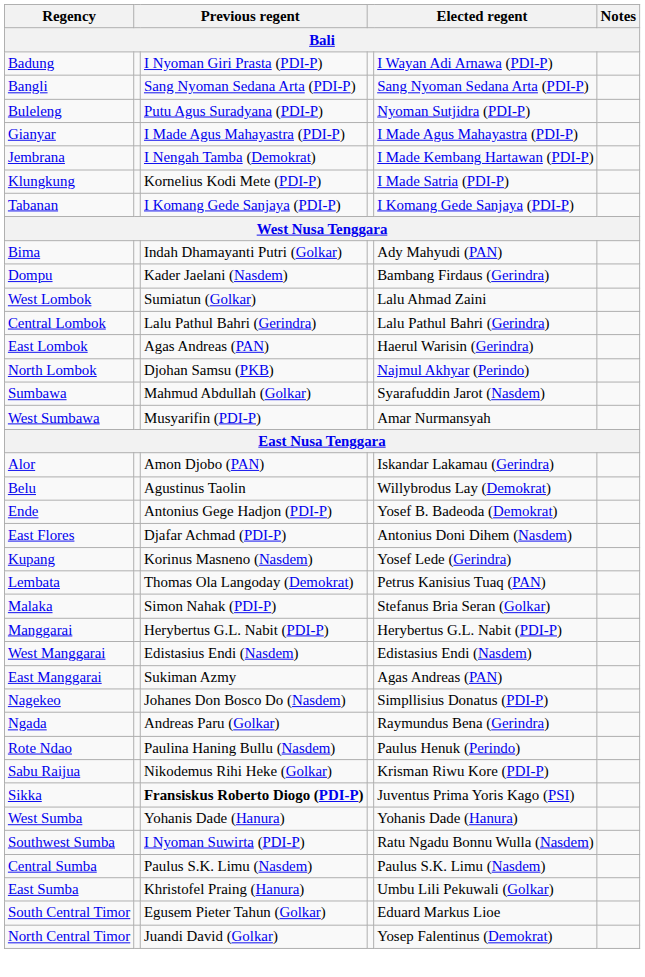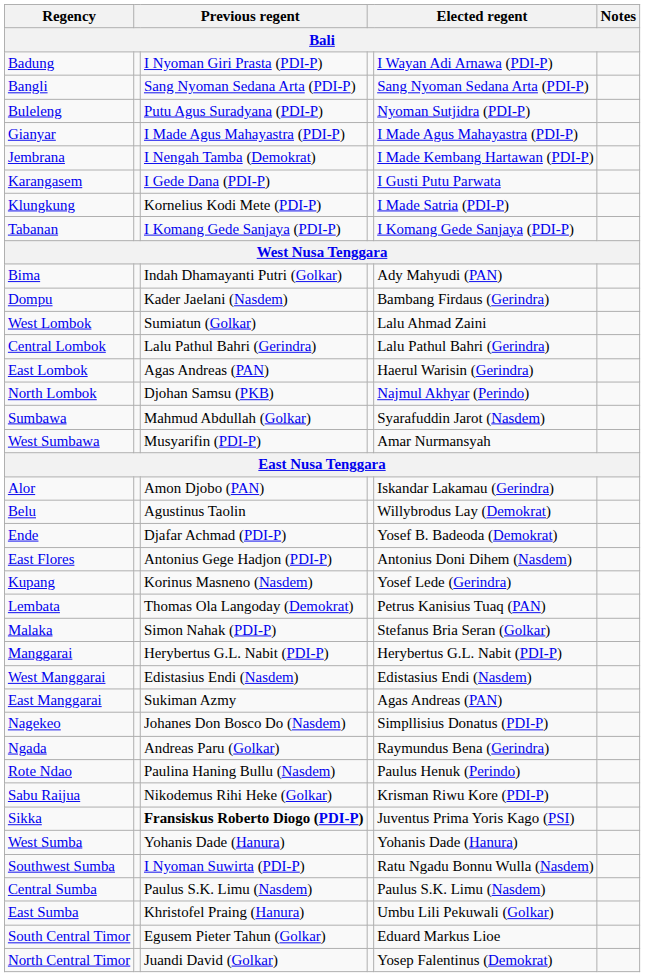 <table class="wikitable">
 <tr>
 <th>Regency</th>
 <th colspan=2>Previous regent</th>
 <th colspan=2>Elected regent</th>
 <th>Notes</th>
 </tr>
 <tr>
 <th colspan=6><a href='#'>Bali</a></th>
 </tr>
 <tr>
 <td><a href='#'>Badung</a></td>
 <td style="background:"></td>
 <td><a href='#'>I Nyoman Giri Prasta</a> (<a href='#'>PDI-P</a>)</td>
 <td style="background:"></td>
 <td><a href='#'>I Wayan Adi Arnawa</a> (<a href='#'>PDI-P</a>)</td>
 <td></td>
 </tr>
 <tr>
 <td><a href='#'>Bangli</a></td>
 <td style="background:"></td>
 <td><a href='#'>Sang Nyoman Sedana Arta</a> (<a href='#'>PDI-P</a>)</td>
 <td style="background:"></td>
 <td><a href='#'>Sang Nyoman Sedana Arta</a> (<a href='#'>PDI-P</a>)</td>
 <td></td>
 </tr>
 <tr>
 <td><a href='#'>Buleleng</a></td>
 <td style="background:"></td>
 <td><a href='#'>Putu Agus Suradyana</a> (<a href='#'>PDI-P</a>)</td>
 <td style="background:"></td>
 <td><a href='#'>Nyoman Sutjidra</a> (<a href='#'>PDI-P</a>)</td>
 <td></td>
 </tr>
 <tr>
 <td><a href='#'>Gianyar</a></td>
 <td style="background:"></td>
 <td><a href='#'>I Made Agus Mahayastra</a> (<a href='#'>PDI-P</a>)</td>
 <td style="background:"></td>
 <td><a href='#'>I Made Agus Mahayastra</a> (<a href='#'>PDI-P</a>)</td>
 <td></td>
 </tr>
 <tr>
 <td><a href='#'>Jembrana</a></td>
 <td style="background:"></td>
 <td><a href='#'>I Nengah Tamba</a> (<a href='#'>Demokrat</a>)</td>
 <td style="background:"></td>
 <td><a href='#'>I Made Kembang Hartawan</a> (<a href='#'>PDI-P</a>)</td>
+<td></td>
+</tr>
+<tr>
+<td><a href='#'>Karangasem</a></td>
+<td style="background:"></td>
+<td><a href='#'>I Gede Dana</a> (<a href='#'>PDI-P</a>)</td>
+<td style="background:"></td>
+<td><a href='#'>I Gusti Putu Parwata</a></td>
 <td></td>
 </tr>
 <tr>
 <td><a href='#'>Klungkung</a></td>
 <td style="background:"></td>
 <td>Kornelius Kodi Mete (<a href='#'>PDI-P</a>)</td>
 <td style="background:"></td>
 <td><a href='#'>I Made Satria</a> (<a href='#'>PDI-P</a>)</td>
 <td></td>
 </tr>
 <tr>
 <td><a href='#'>Tabanan</a></td>
 <td style="background:"></td>
 <td><a href='#'>I Komang Gede Sanjaya</a> (<a href='#'>PDI-P</a>)</td>
 <td style="background:"></td>
 <td><a href='#'>I Komang Gede Sanjaya</a> (<a href='#'>PDI-P</a>)</td>
 <td></td>
 </tr>
 <tr>
 <th colspan=6><a href='#'>West Nusa Tenggara</a></th>
 </tr>
 <tr>
 <td><a href='#'>Bima</a></td>
 <td style="background:"></td>
 <td>Indah Dhamayanti Putri (<a href='#'>Golkar</a>)</td>
 <td style="background:"></td>
 <td>Ady Mahyudi (<a href='#'>PAN</a>)</td>
 <td></td>
 </tr>
 <tr>
 <td><a href='#'>Dompu</a></td>
 <td style="background:"></td>
 <td>Kader Jaelani (<a href='#'>Nasdem</a>)</td>
 <td style="background:"></td>
 <td>Bambang Firdaus (<a href='#'>Gerindra</a>)</td>
 <td></td>
 </tr>
 <tr>
 <td><a href='#'>West Lombok</a></td>
 <td style="background:"></td>
 <td>Sumiatun (<a href='#'>Golkar</a>)</td>
 <td style="background:"></td>
 <td>Lalu Ahmad Zaini</td>
 <td></td>
 </tr>
 <tr>
 <td><a href='#'>Central Lombok</a></td>
 <td style="background:"></td>
 <td>Lalu Pathul Bahri (<a href='#'>Gerindra</a>)</td>
 <td style="background:"></td>
 <td>Lalu Pathul Bahri (<a href='#'>Gerindra</a>)</td>
 <td></td>
 </tr>
 <tr>
 <td><a href='#'>East Lombok</a></td>
 <td style="background:"></td>
 <td>Agas Andreas (<a href='#'>PAN</a>)</td>
 <td style="background:"></td>
 <td>Haerul Warisin (<a href='#'>Gerindra</a>)</td>
 <td></td>
 </tr>
 <tr>
 <td><a href='#'>North Lombok</a></td>
 <td style="background:"></td>
 <td>Djohan Samsu (<a href='#'>PKB</a>)</td>
 <td style="background:"></td>
 <td><a href='#'>Najmul Akhyar</a> (<a href='#'>Perindo</a>)</td>
 <td></td>
 </tr>
 <tr>
 <td><a href='#'>Sumbawa</a></td>
 <td style="background:"></td>
 <td>Mahmud Abdullah (<a href='#'>Golkar</a>)</td>
 <td style="background:"></td>
 <td>Syarafuddin Jarot (<a href='#'>Nasdem</a>)</td>
 <td></td>
 </tr>
 <tr>
 <td><a href='#'>West Sumbawa</a></td>
 <td style="background:"></td>
 <td>Musyarifin (<a href='#'>PDI-P</a>)</td>
 <td style="background:"></td>
 <td>Amar Nurmansyah</td>
 <td></td>
 </tr>
 <tr>
 <th colspan=6><a href='#'>East Nusa Tenggara</a></th>
 </tr>
 <tr>
 <td><a href='#'>Alor</a></td>
 <td style="background:"></td>
 <td>Amon Djobo (<a href='#'>PAN</a>)</td>
 <td style="background:"></td>
 <td>Iskandar Lakamau (<a href='#'>Gerindra</a>)</td>
 <td></td>
 </tr>
 <tr>
 <td><a href='#'>Belu</a></td>
 <td style="background:"></td>
 <td>Agustinus Taolin</td>
 <td style="background:"></td>
 <td>Willybrodus Lay (<a href='#'>Demokrat</a>)</td>
 <td></td>
 </tr>
 <tr>
 <td><a href='#'>Ende</a></td>
 <td style="background:"></td>
-<td>Antonius Gege Hadjon (<a href='#'>PDI-P</a>)</td>
+<td>Djafar Achmad (<a href='#'>PDI-P</a>)</td>
 <td style="background:"></td>
 <td>Yosef B. Badeoda (<a href='#'>Demokrat</a>)</td>
 <td></td>
 </tr>
 <tr>
 <td><a href='#'>East Flores</a></td>
 <td style="background:"></td>
-<td>Djafar Achmad (<a href='#'>PDI-P</a>)</td>
+<td>Antonius Gege Hadjon (<a href='#'>PDI-P</a>)</td>
 <td style="background:"></td>
 <td>Antonius Doni Dihem (<a href='#'>Nasdem</a>)</td>
 <td></td>
 </tr>
 <tr>
 <td><a href='#'>Kupang</a></td>
 <td style="background:"></td>
 <td>Korinus Masneno (<a href='#'>Nasdem</a>)</td>
 <td style="background:"></td>
 <td>Yosef Lede (<a href='#'>Gerindra</a>)</td>
 <td></td>
 </tr>
 <tr>
 <td><a href='#'>Lembata</a></td>
 <td style="background:"></td>
 <td>Thomas Ola Langoday (<a href='#'>Demokrat</a>)</td>
 <td style="background:"></td>
 <td>Petrus Kanisius Tuaq (<a href='#'>PAN</a>)</td>
 <td></td>
 </tr>
 <tr>
 <td><a href='#'>Malaka</a></td>
 <td style="background:"></td>
 <td>Simon Nahak (<a href='#'>PDI-P</a>)</td>
 <td style="background:"></td>
 <td>Stefanus Bria Seran (<a href='#'>Golkar</a>)</td>
 <td></td>
 </tr>
 <tr>
 <td><a href='#'>Manggarai</a></td>
 <td style="background:"></td>
 <td>Herybertus G.L. Nabit (<a href='#'>PDI-P</a>)</td>
 <td style="background:"></td>
 <td>Herybertus G.L. Nabit (<a href='#'>PDI-P</a>)</td>
 <td></td>
 </tr>
 <tr>
 <td><a href='#'>West Manggarai</a></td>
 <td style="background:"></td>
 <td>Edistasius Endi (<a href='#'>Nasdem</a>)</td>
 <td style="background:"></td>
 <td>Edistasius Endi (<a href='#'>Nasdem</a>)</td>
 <td></td>
 </tr>
 <tr>
 <td><a href='#'>East Manggarai</a></td>
 <td style="background:"></td>
 <td>Sukiman Azmy</td>
 <td style="background:"></td>
 <td>Agas Andreas (<a href='#'>PAN</a>)</td>
 <td></td>
 </tr>
 <tr>
 <td><a href='#'>Nagekeo</a></td>
 <td style="background:"></td>
 <td>Johanes Don Bosco Do (<a href='#'>Nasdem</a>)</td>
 <td style="background:"></td>
 <td>Simpllisius Donatus (<a href='#'>PDI-P</a>)</td>
 <td></td>
 </tr>
 <tr>
 <td><a href='#'>Ngada</a></td>
 <td style="background:"></td>
 <td>Andreas Paru (<a href='#'>Golkar</a>)</td>
 <td style="background:"></td>
 <td>Raymundus Bena (<a href='#'>Gerindra</a>)</td>
 <td></td>
 </tr>
 <tr>
 <td><a href='#'>Rote Ndao</a></td>
 <td style="background:"></td>
 <td>Paulina Haning Bullu (<a href='#'>Nasdem</a>)</td>
 <td style="background:"></td>
 <td>Paulus Henuk (<a href='#'>Perindo</a>)</td>
 <td></td>
 </tr>
 <tr>
 <td><a href='#'>Sabu Raijua</a></td>
 <td style="background:"></td>
 <td>Nikodemus Rihi Heke (<a href='#'>Golkar</a>)</td>
 <td style="background:"></td>
 <td>Krisman Riwu Kore (<a href='#'>PDI-P</a>)</td>
 <td></td>
 </tr>
 <tr>
 <td><a href='#'>Sikka</a></td>
 <td style="background:"></td>
 <td><strong>Fransiskus Roberto Diogo (<a href='#'>PDI-P</a>)</strong></td>
 <td style="background:"></td>
 <td>Juventus Prima Yoris Kago (<a href='#'>PSI</a>)</td>
 <td></td>
 </tr>
 <tr>
 <td><a href='#'>West Sumba</a></td>
 <td style="background:"></td>
 <td>Yohanis Dade (<a href='#'>Hanura</a>)</td>
 <td style="background:"></td>
 <td>Yohanis Dade (<a href='#'>Hanura</a>)</td>
 <td></td>
 </tr>
 <tr>
 <td><a href='#'>Southwest Sumba</a></td>
 <td style="background:"></td>
 <td><a href='#'>I Nyoman Suwirta</a> (<a href='#'>PDI-P</a>)</td>
 <td style="background:"></td>
 <td>Ratu Ngadu Bonnu Wulla (<a href='#'>Nasdem</a>)</td>
 <td></td>
 </tr>
 <tr>
 <td><a href='#'>Central Sumba</a></td>
 <td style="background:"></td>
 <td>Paulus S.K. Limu (<a href='#'>Nasdem</a>)</td>
 <td style="background:"></td>
 <td>Paulus S.K. Limu (<a href='#'>Nasdem</a>)</td>
 <td></td>
 </tr>
 <tr>
 <td><a href='#'>East Sumba</a></td>
 <td style="background:"></td>
 <td>Khristofel Praing (<a href='#'>Hanura</a>)</td>
 <td style="background:"></td>
 <td>Umbu Lili Pekuwali (<a href='#'>Golkar</a>)</td>
 <td></td>
 </tr>
 <tr>
 <td><a href='#'>South Central Timor</a></td>
 <td style="background:"></td>
 <td>Egusem Pieter Tahun (<a href='#'>Golkar</a>)</td>
 <td style="background:"></td>
 <td>Eduard Markus Lioe</td>
 <td></td>
 </tr>
 <tr>
 <td><a href='#'>North Central Timor</a></td>
 <td style="background:"></td>
 <td>Juandi David (<a href='#'>Golkar</a>)</td>
 <td style="background:"></td>
 <td>Yosep Falentinus (<a href='#'>Demokrat</a>)</td>
 <td></td>
 </tr>
 </table>
